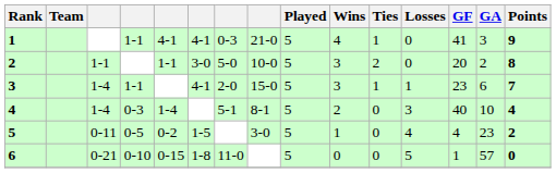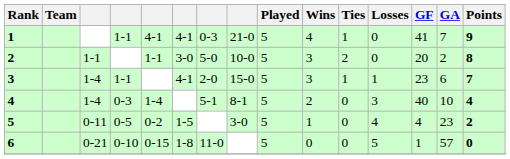 <table class="wikitable">
 <tr>
 <th>Rank</th>
 <th>Team</th>
 <th></th>
 <th></th>
 <th></th>
 <th></th>
 <th></th>
 <th></th>
 <th>Played</th>
 <th>Wins</th>
 <th>Ties</th>
 <th>Losses</th>
 <th><a href='#'>GF</a></th>
 <th><a href='#'>GA</a></th>
 <th>Points</th>
 </tr>
 <tr style="background:#ccffcc">
 <td><strong>1</strong></td>
 <td></td>
 <td bgcolor="#ffffff"> </td>
 <td>1-1</td>
 <td>4-1</td>
 <td>4-1</td>
 <td>0-3</td>
 <td>21-0</td>
 <td>5</td>
 <td>4</td>
 <td>1</td>
 <td>0</td>
 <td>41</td>
-<td>3</td>
+<td>7</td>
 <td><strong>9</strong></td>
 </tr>
 <tr style="background:#ccffcc">
 <td><strong>2</strong></td>
 <td></td>
 <td>1-1</td>
 <td bgcolor="#ffffff"> </td>
 <td>1-1</td>
 <td>3-0</td>
 <td>5-0</td>
 <td>10-0</td>
 <td>5</td>
 <td>3</td>
 <td>2</td>
 <td>0</td>
 <td>20</td>
 <td>2</td>
 <td><strong>8</strong></td>
 </tr>
 <tr style="background:#ccffcc">
 <td><strong>3</strong></td>
 <td></td>
 <td>1-4</td>
 <td>1-1</td>
 <td bgcolor="#ffffff"> </td>
 <td>4-1</td>
 <td>2-0</td>
 <td>15-0</td>
 <td>5</td>
 <td>3</td>
 <td>1</td>
 <td>1</td>
 <td>23</td>
 <td>6</td>
 <td><strong>7</strong></td>
 </tr>
 <tr style="background:#ccffcc">
 <td><strong>4</strong></td>
 <td></td>
 <td>1-4</td>
 <td>0-3</td>
 <td>1-4</td>
 <td bgcolor="#ffffff"> </td>
 <td>5-1</td>
 <td>8-1</td>
 <td>5</td>
 <td>2</td>
 <td>0</td>
 <td>3</td>
 <td>40</td>
 <td>10</td>
 <td><strong>4</strong></td>
 </tr>
 <tr style="background:#ccffcc">
 <td><strong>5</strong></td>
 <td></td>
 <td>0-11</td>
 <td>0-5</td>
 <td>0-2</td>
 <td>1-5</td>
 <td bgcolor="#ffffff"> </td>
 <td>3-0</td>
 <td>5</td>
 <td>1</td>
 <td>0</td>
 <td>4</td>
 <td>4</td>
 <td>23</td>
 <td><strong>2</strong></td>
 </tr>
 <tr style="background:#ccffcc">
 <td><strong>6</strong></td>
 <td></td>
 <td>0-21</td>
 <td>0-10</td>
 <td>0-15</td>
 <td>1-8</td>
 <td>11-0</td>
 <td bgcolor="#ffffff"> </td>
 <td>5</td>
 <td>0</td>
 <td>0</td>
 <td>5</td>
 <td>1</td>
 <td>57</td>
 <td><strong>0</strong></td>
 </tr>
 <tr>
 </tr>
 </table>
